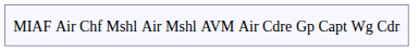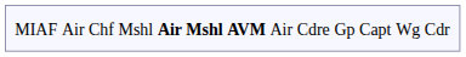 <table style="border:1px solid #8888aa; background-color:#f7f8ff; padding:5px; font-size:95%; margin: 0px 12px 12px 0px; text-align:center;">
 <tr>
 <td></td>
 <td></td>
 <td></td>
 <td></td>
 <td></td>
 <td></td>
 <td></td>
 </tr>
 <tr>
 <td>MIAF</td>
 <td>Air Chf Mshl</td>
-<td>Air Mshl</td>
-<td>AVM</td>
+<td><strong>Air Mshl</strong></td>
+<td><strong>AVM</strong></td>
 <td>Air Cdre</td>
 <td>Gp Capt</td>
 <td>Wg Cdr</td>
 </tr>
 <tr>
 </tr>
 </table>
